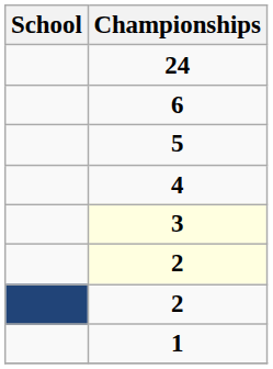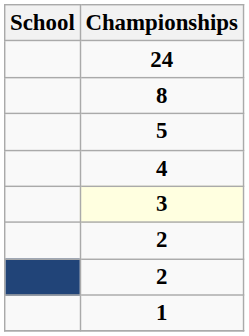 <table class="wikitable sortable" style="text-align:center">
 <tr>
 <th>School</th>
 <th>Championships</th>
 </tr>
 <tr>
 <td><strong><a href='#'></a></strong></td>
 <td><strong>24</strong></td>
 </tr>
 <tr>
 <td><strong><a href='#'></a></strong></td>
-<td><strong>6</strong></td>
+<td><strong>8</strong></td>
 </tr>
 <tr>
 <td><strong><a href='#'></a></strong></td>
 <td><strong>5</strong></td>
 </tr>
 <tr>
 <td><strong><a href='#'></a></strong></td>
 <td><strong>4</strong></td>
 </tr>
 <tr>
 <td><strong><a href='#'></a></strong></td>
 <td style="background: lightyellow;"><strong>3</strong></td>
 </tr>
 <tr>
 <td><strong><a href='#'></a></strong></td>
-<td style="background: lightyellow;"><strong>2</strong></td>
+<td><strong>2</strong></td>
 </tr>
 <tr>
 <td style="color:white; background:#214478; "><strong><a href='#'></a></strong></td>
 <td><strong>2</strong></td>
 </tr>
 <tr>
 <td><strong><a href='#'></a></strong></td>
 <td><strong>1</strong></td>
 </tr>
 <tr>
 </tr>
 </table>
